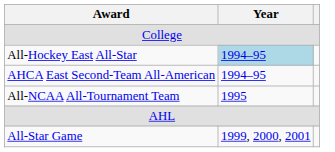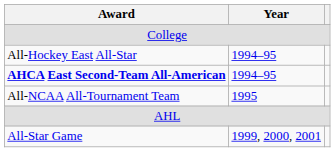 <table class="wikitable">
 <tr>
 <th>Award</th>
 <th>Year</th>
 <th></th>
 </tr>
 <tr ALIGN="center" bgcolor="#e0e0e0">
 <td colspan="3"><a href='#'>College</a></td>
 </tr>
 <tr>
 <td>All-<a href='#'>Hockey East</a> <a href='#'>All-Star</a></td>
-<td style="background: lightblue;"><a href='#'>1994–95</a></td>
+<td><a href='#'>1994–95</a></td>
 <td></td>
 </tr>
 <tr>
-<td><a href='#'>AHCA</a> <a href='#'>East Second-Team All-American</a></td>
+<td><strong><a href='#'>AHCA</a> <a href='#'>East Second-Team All-American</a></strong></td>
 <td><a href='#'>1994–95</a></td>
 <td></td>
 </tr>
 <tr>
 <td>All-<a href='#'>NCAA</a> <a href='#'>All-Tournament Team</a></td>
 <td><a href='#'>1995</a></td>
 <td></td>
 </tr>
 <tr ALIGN="center" bgcolor="#e0e0e0">
 <td colspan="3"><a href='#'>AHL</a></td>
 </tr>
 <tr>
 <td><a href='#'>All-Star Game</a></td>
 <td><a href='#'>1999</a>, <a href='#'>2000</a>, <a href='#'>2001</a></td>
 <td></td>
 </tr>
 </table>
